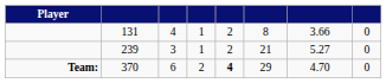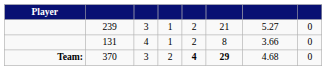 <table class="wikitable sortable" style="width:60%; text-align:center;">
 <tr>
 <th style="color:white; background:#081073; ">Player</th>
 <th style="color:white; background:#081073; "></th>
 <th style="color:white; background:#081073; "></th>
 <th style="color:white; background:#081073; "></th>
 <th style="color:white; background:#081073; "></th>
 <th style="color:white; background:#081073; "></th>
 <th style="color:white; background:#081073; "></th>
 <th style="color:white; background:#081073; "></th>
 </tr>
 <tr align="center">
 <td align="right"></td>
+<td>239</td>
+<td>3</td>
+<td>1</td>
+<td>2</td>
+<td>21</td>
+<td>5.27</td>
+<td>0</td>
+</tr>
+<tr align="center">
+<td align="right"></td>
 <td>131</td>
 <td>4</td>
 <td>1</td>
 <td>2</td>
 <td>8</td>
 <td>3.66</td>
 <td>0</td>
 </tr>
 <tr align="center">
-<td align="right"></td>
-<td>239</td>
-<td>3</td>
-<td>1</td>
-<td>2</td>
-<td>21</td>
-<td>5.27</td>
-<td>0</td>
-</tr>
-<tr align="center">
 <td align="right"><strong>Team:</strong></td>
 <td>370</td>
-<td>6</td>
+<td>3</td>
 <td>2</td>
 <td><strong>4</strong></td>
-<td>29</td>
-<td>4.70</td>
+<td><strong>29</strong></td>
+<td>4.68</td>
 <td>0</td>
 </tr>
 </table>
